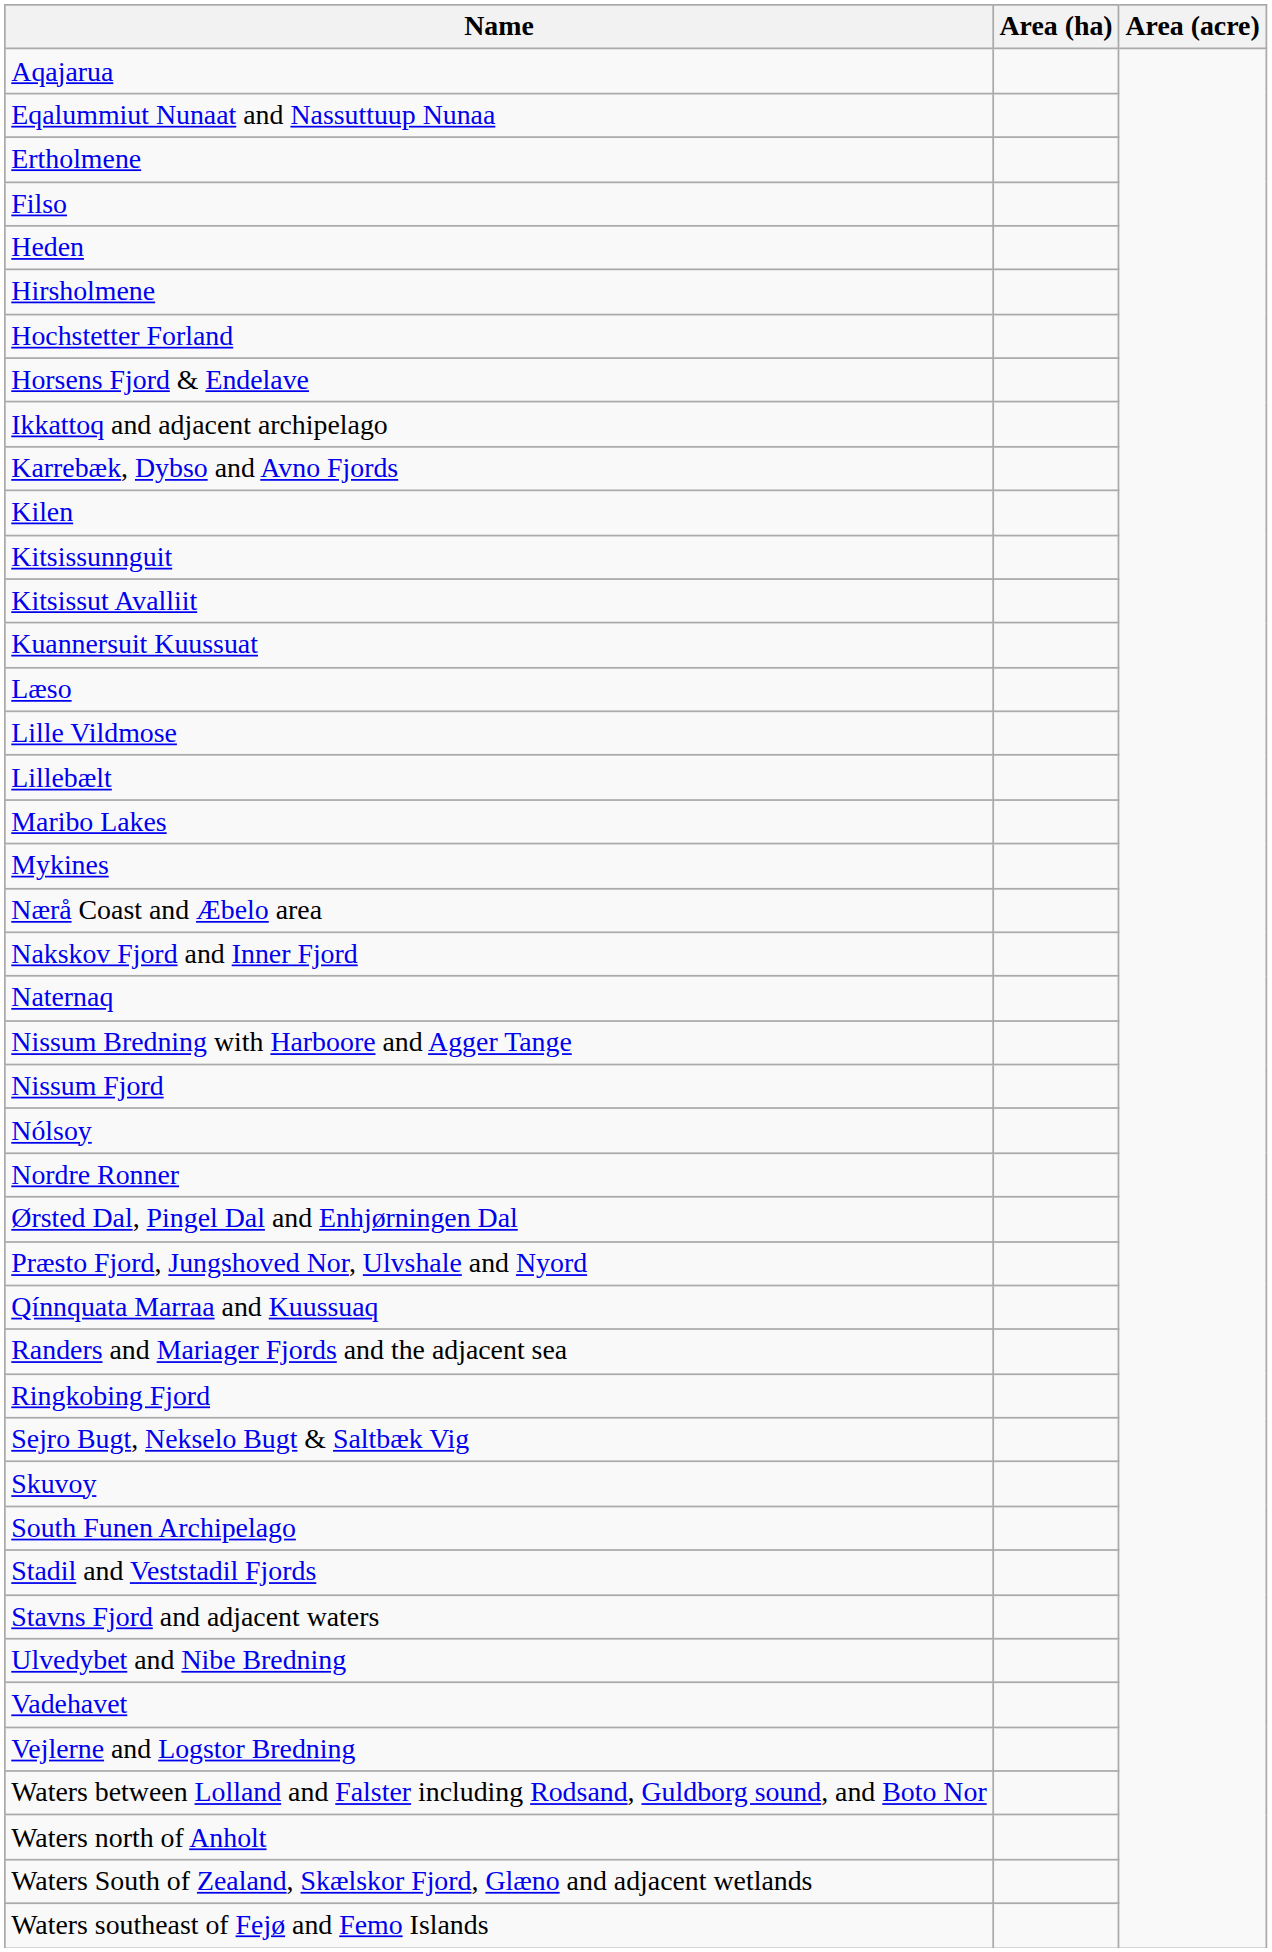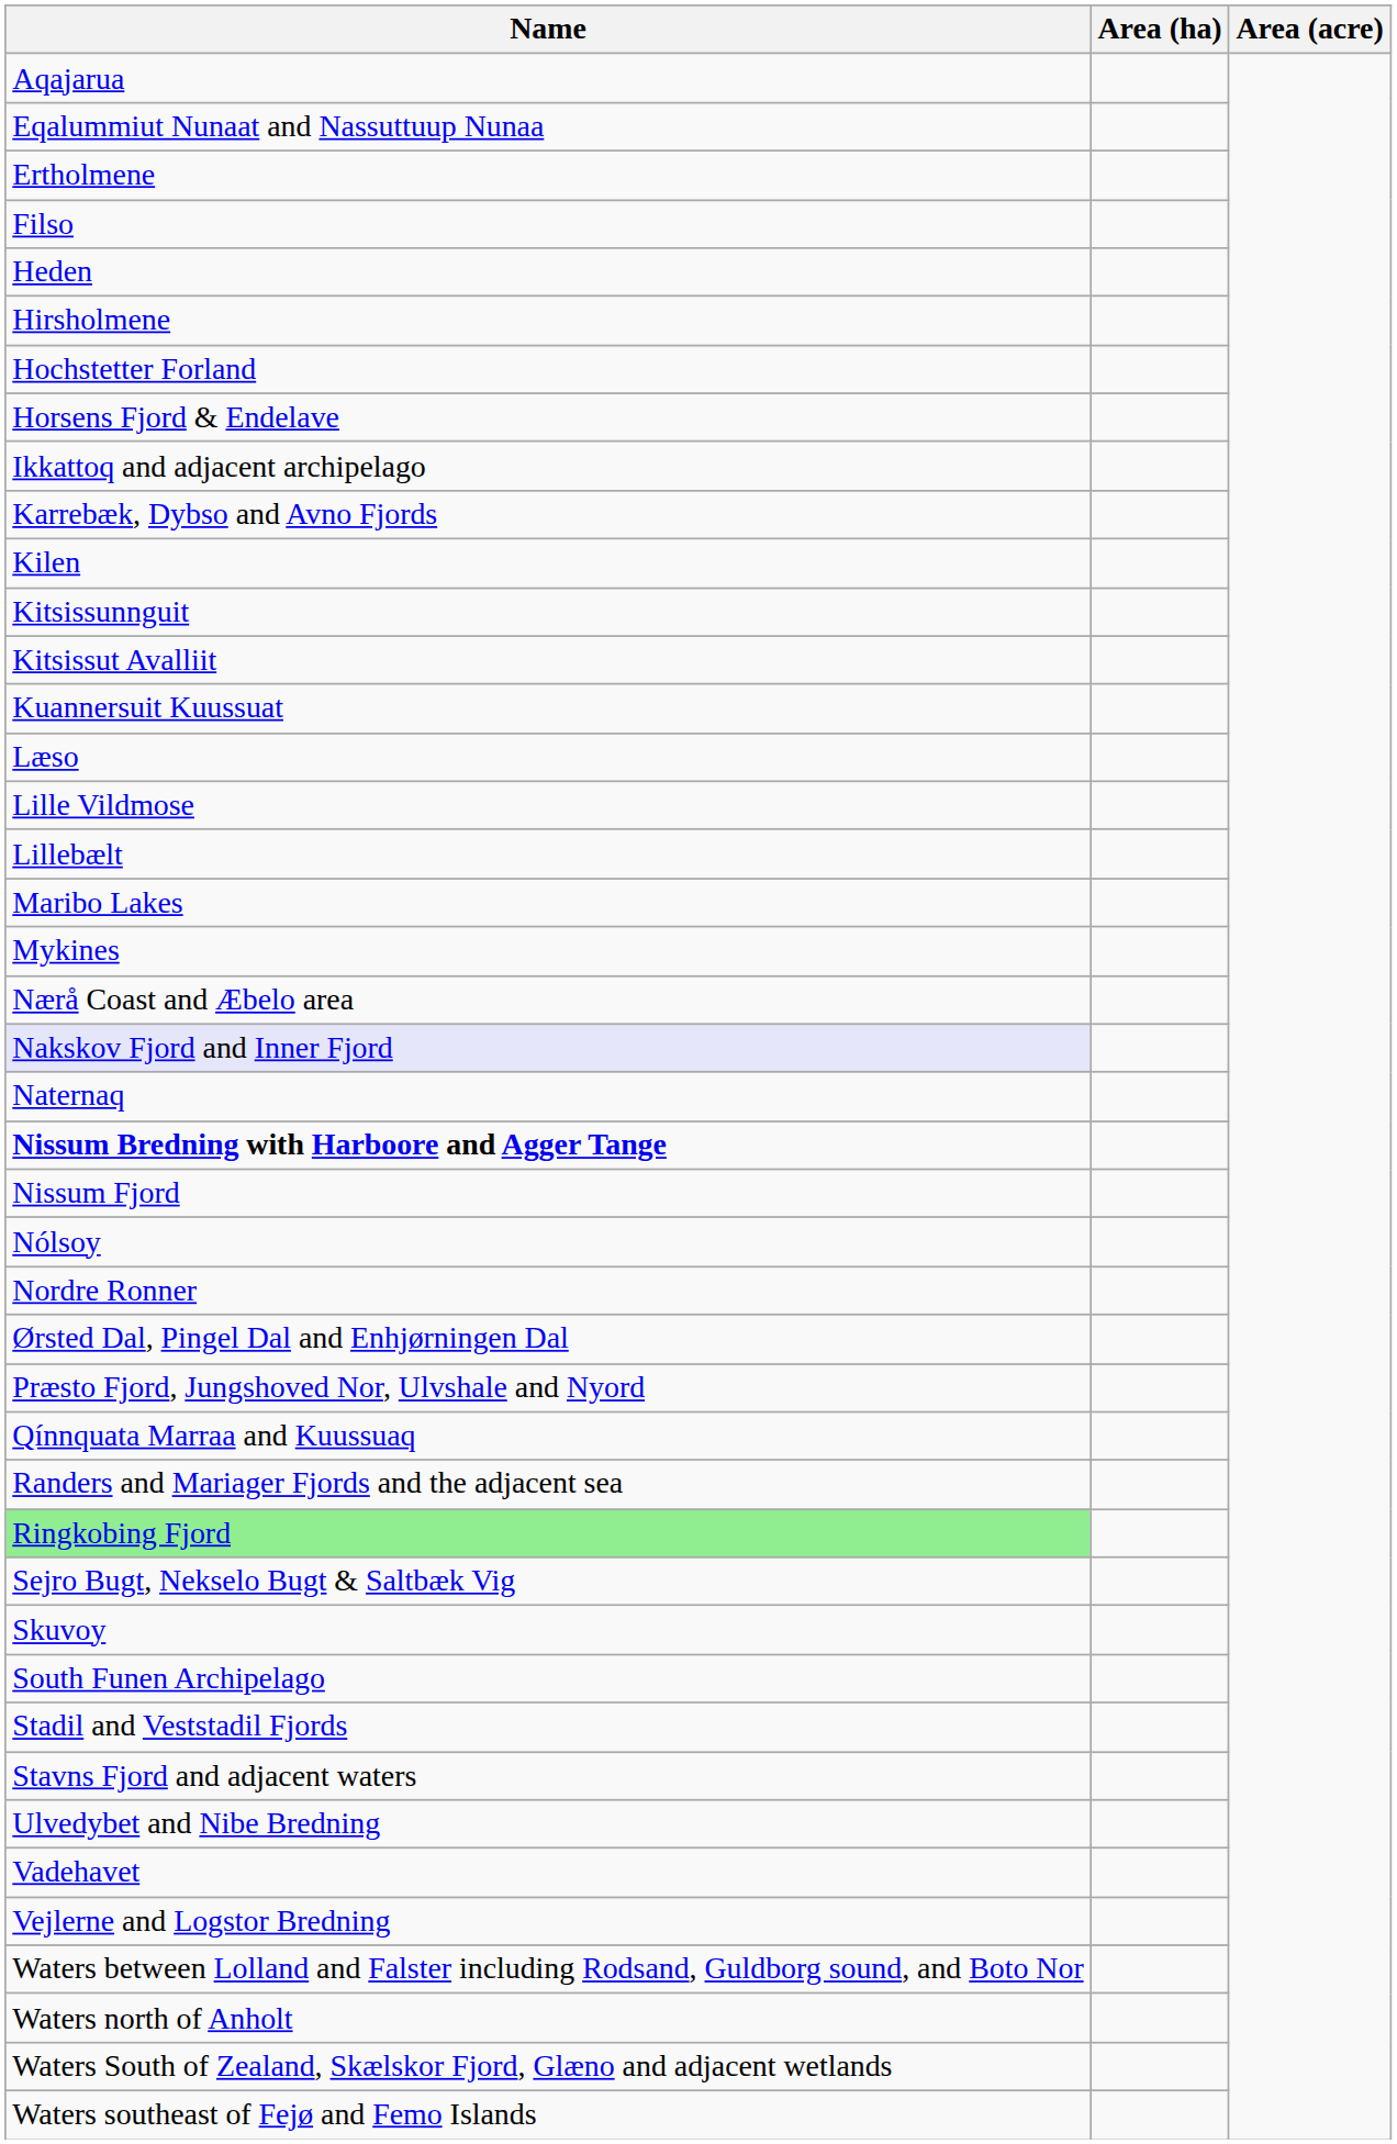 <table class="wikitable">
 <tr>
 <th scope="col" align=left>Name</th>
 <th scope="col">Area (ha)</th>
 <th scope="col">Area (acre)</th>
 </tr>
 <tr ---->
 <td><a href='#'>Aqajarua</a></td>
 <td></td>
 </tr>
 <tr ---->
 <td><a href='#'>Eqalummiut Nunaat</a> and <a href='#'>Nassuttuup Nunaa</a></td>
 <td></td>
 </tr>
 <tr ---->
 <td><a href='#'>Ertholmene</a></td>
 <td></td>
 </tr>
 <tr ---->
 <td><a href='#'>Filso</a></td>
 <td></td>
 </tr>
 <tr ---->
 <td><a href='#'>Heden</a></td>
 <td></td>
 </tr>
 <tr ---->
 <td><a href='#'>Hirsholmene</a></td>
 <td></td>
 </tr>
 <tr ---->
 <td><a href='#'>Hochstetter Forland</a></td>
 <td></td>
 </tr>
 <tr ---->
 <td><a href='#'>Horsens Fjord</a> & <a href='#'>Endelave</a></td>
 <td></td>
 </tr>
 <tr ---->
 <td><a href='#'>Ikkattoq</a> and adjacent archipelago</td>
 <td></td>
 </tr>
 <tr ---->
 <td><a href='#'>Karrebæk</a>, <a href='#'>Dybso</a> and <a href='#'>Avno Fjords</a></td>
 <td></td>
 </tr>
 <tr ---->
 <td><a href='#'>Kilen</a></td>
 <td></td>
 </tr>
 <tr ---->
 <td><a href='#'>Kitsissunnguit</a></td>
 <td></td>
 </tr>
 <tr ---->
 <td><a href='#'>Kitsissut Avalliit</a></td>
 <td></td>
 </tr>
 <tr ---->
 <td><a href='#'>Kuannersuit Kuussuat</a></td>
 <td></td>
 </tr>
 <tr ---->
 <td><a href='#'>Læso</a></td>
 <td></td>
 </tr>
 <tr ---->
 <td><a href='#'>Lille Vildmose</a></td>
 <td></td>
 </tr>
 <tr ---->
 <td><a href='#'>Lillebælt</a></td>
 <td></td>
 </tr>
 <tr ---->
 <td><a href='#'>Maribo Lakes</a></td>
 <td></td>
 </tr>
 <tr ---->
 <td><a href='#'>Mykines</a></td>
 <td></td>
 </tr>
 <tr ---->
 <td><a href='#'>Nærå</a> Coast and <a href='#'>Æbelo</a> area</td>
 <td></td>
 </tr>
 <tr ---->
-<td><a href='#'>Nakskov Fjord</a> and <a href='#'>Inner Fjord</a></td>
+<td style="background: lavender;"><a href='#'>Nakskov Fjord</a> and <a href='#'>Inner Fjord</a></td>
 <td></td>
 </tr>
 <tr ---->
 <td><a href='#'>Naternaq</a></td>
 <td></td>
 </tr>
 <tr ---->
-<td><a href='#'>Nissum Bredning</a> with <a href='#'>Harboore</a> and <a href='#'>Agger Tange</a></td>
+<td><strong><a href='#'>Nissum Bredning</a> with <a href='#'>Harboore</a> and <a href='#'>Agger Tange</a></strong></td>
 <td></td>
 </tr>
 <tr ---->
 <td><a href='#'>Nissum Fjord</a></td>
 <td></td>
 </tr>
 <tr ---->
 <td><a href='#'>Nólsoy</a></td>
 <td></td>
 </tr>
 <tr ---->
 <td><a href='#'>Nordre Ronner</a></td>
 <td></td>
 </tr>
 <tr ---->
 <td><a href='#'>Ørsted Dal</a>, <a href='#'>Pingel Dal</a> and <a href='#'>Enhjørningen Dal</a></td>
 <td></td>
 </tr>
 <tr ---->
 <td><a href='#'>Præsto Fjord</a>, <a href='#'>Jungshoved Nor</a>, <a href='#'>Ulvshale</a> and <a href='#'>Nyord</a></td>
 <td></td>
 </tr>
 <tr ---->
 <td><a href='#'>Qínnquata Marraa</a> and <a href='#'>Kuussuaq</a></td>
 <td></td>
 </tr>
 <tr ---->
 <td><a href='#'>Randers</a> and <a href='#'>Mariager Fjords</a> and the adjacent sea</td>
 <td></td>
 </tr>
 <tr ---->
-<td><a href='#'>Ringkobing Fjord</a></td>
+<td style="background: lightgreen;"><a href='#'>Ringkobing Fjord</a></td>
 <td></td>
 </tr>
 <tr ---->
 <td><a href='#'>Sejro Bugt</a>, <a href='#'>Nekselo Bugt</a> & <a href='#'>Saltbæk Vig</a></td>
 <td></td>
 </tr>
 <tr ---->
 <td><a href='#'>Skuvoy</a></td>
 <td></td>
 </tr>
 <tr ---->
 <td><a href='#'>South Funen Archipelago</a></td>
 <td></td>
 </tr>
 <tr ---->
 <td><a href='#'>Stadil</a> and <a href='#'>Veststadil Fjords</a></td>
 <td></td>
 </tr>
 <tr ---->
 <td><a href='#'>Stavns Fjord</a> and adjacent waters</td>
 <td></td>
 </tr>
 <tr ---->
 <td><a href='#'>Ulvedybet</a> and <a href='#'>Nibe Bredning</a></td>
 <td></td>
 </tr>
 <tr ---->
 <td><a href='#'>Vadehavet</a></td>
 <td></td>
 </tr>
 <tr ---->
 <td><a href='#'>Vejlerne</a> and <a href='#'>Logstor Bredning</a></td>
 <td></td>
 </tr>
 <tr ---->
 <td>Waters between <a href='#'>Lolland</a> and <a href='#'>Falster</a> including <a href='#'>Rodsand</a>, <a href='#'>Guldborg sound</a>, and <a href='#'>Boto Nor</a></td>
 <td></td>
 </tr>
 <tr ---->
 <td>Waters north of <a href='#'>Anholt</a></td>
 <td></td>
 </tr>
 <tr ---->
 <td>Waters South of <a href='#'>Zealand</a>, <a href='#'>Skælskor Fjord</a>, <a href='#'>Glæno</a> and adjacent wetlands</td>
 <td></td>
 </tr>
 <tr ---->
 <td>Waters southeast of <a href='#'>Fejø</a> and <a href='#'>Femo</a> Islands</td>
 <td></td>
 </tr>
 </table>
